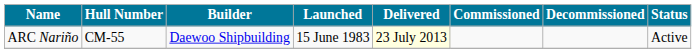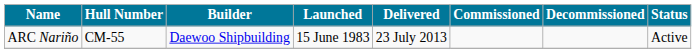 <table class="wikitable">
 <tr>
 <th style="background:#079;color:#fff;">Name</th>
 <th style="background:#079;color:#fff;">Hull Number</th>
 <th style="background:#079;color:#fff;">Builder</th>
 <th style="background:#079;color:#fff;">Launched</th>
 <th style="background:#079;color:#fff;">Delivered</th>
 <th style="background:#079;color:#fff;">Commissioned</th>
 <th style="background:#079;color:#fff;">Decommissioned</th>
 <th style="background:#079;color:#fff;">Status</th>
 </tr>
 <tr>
 <td>ARC <em>Nariño</em></td>
 <td>CM-55</td>
 <td><a href='#'>Daewoo Shipbuilding</a></td>
 <td>15 June 1983</td>
-<td style="background: lightyellow;">23 July 2013</td>
+<td>23 July 2013</td>
 <td></td>
 <td></td>
 <td>Active</td>
 </tr>
 <tr>
 </tr>
 </table>
